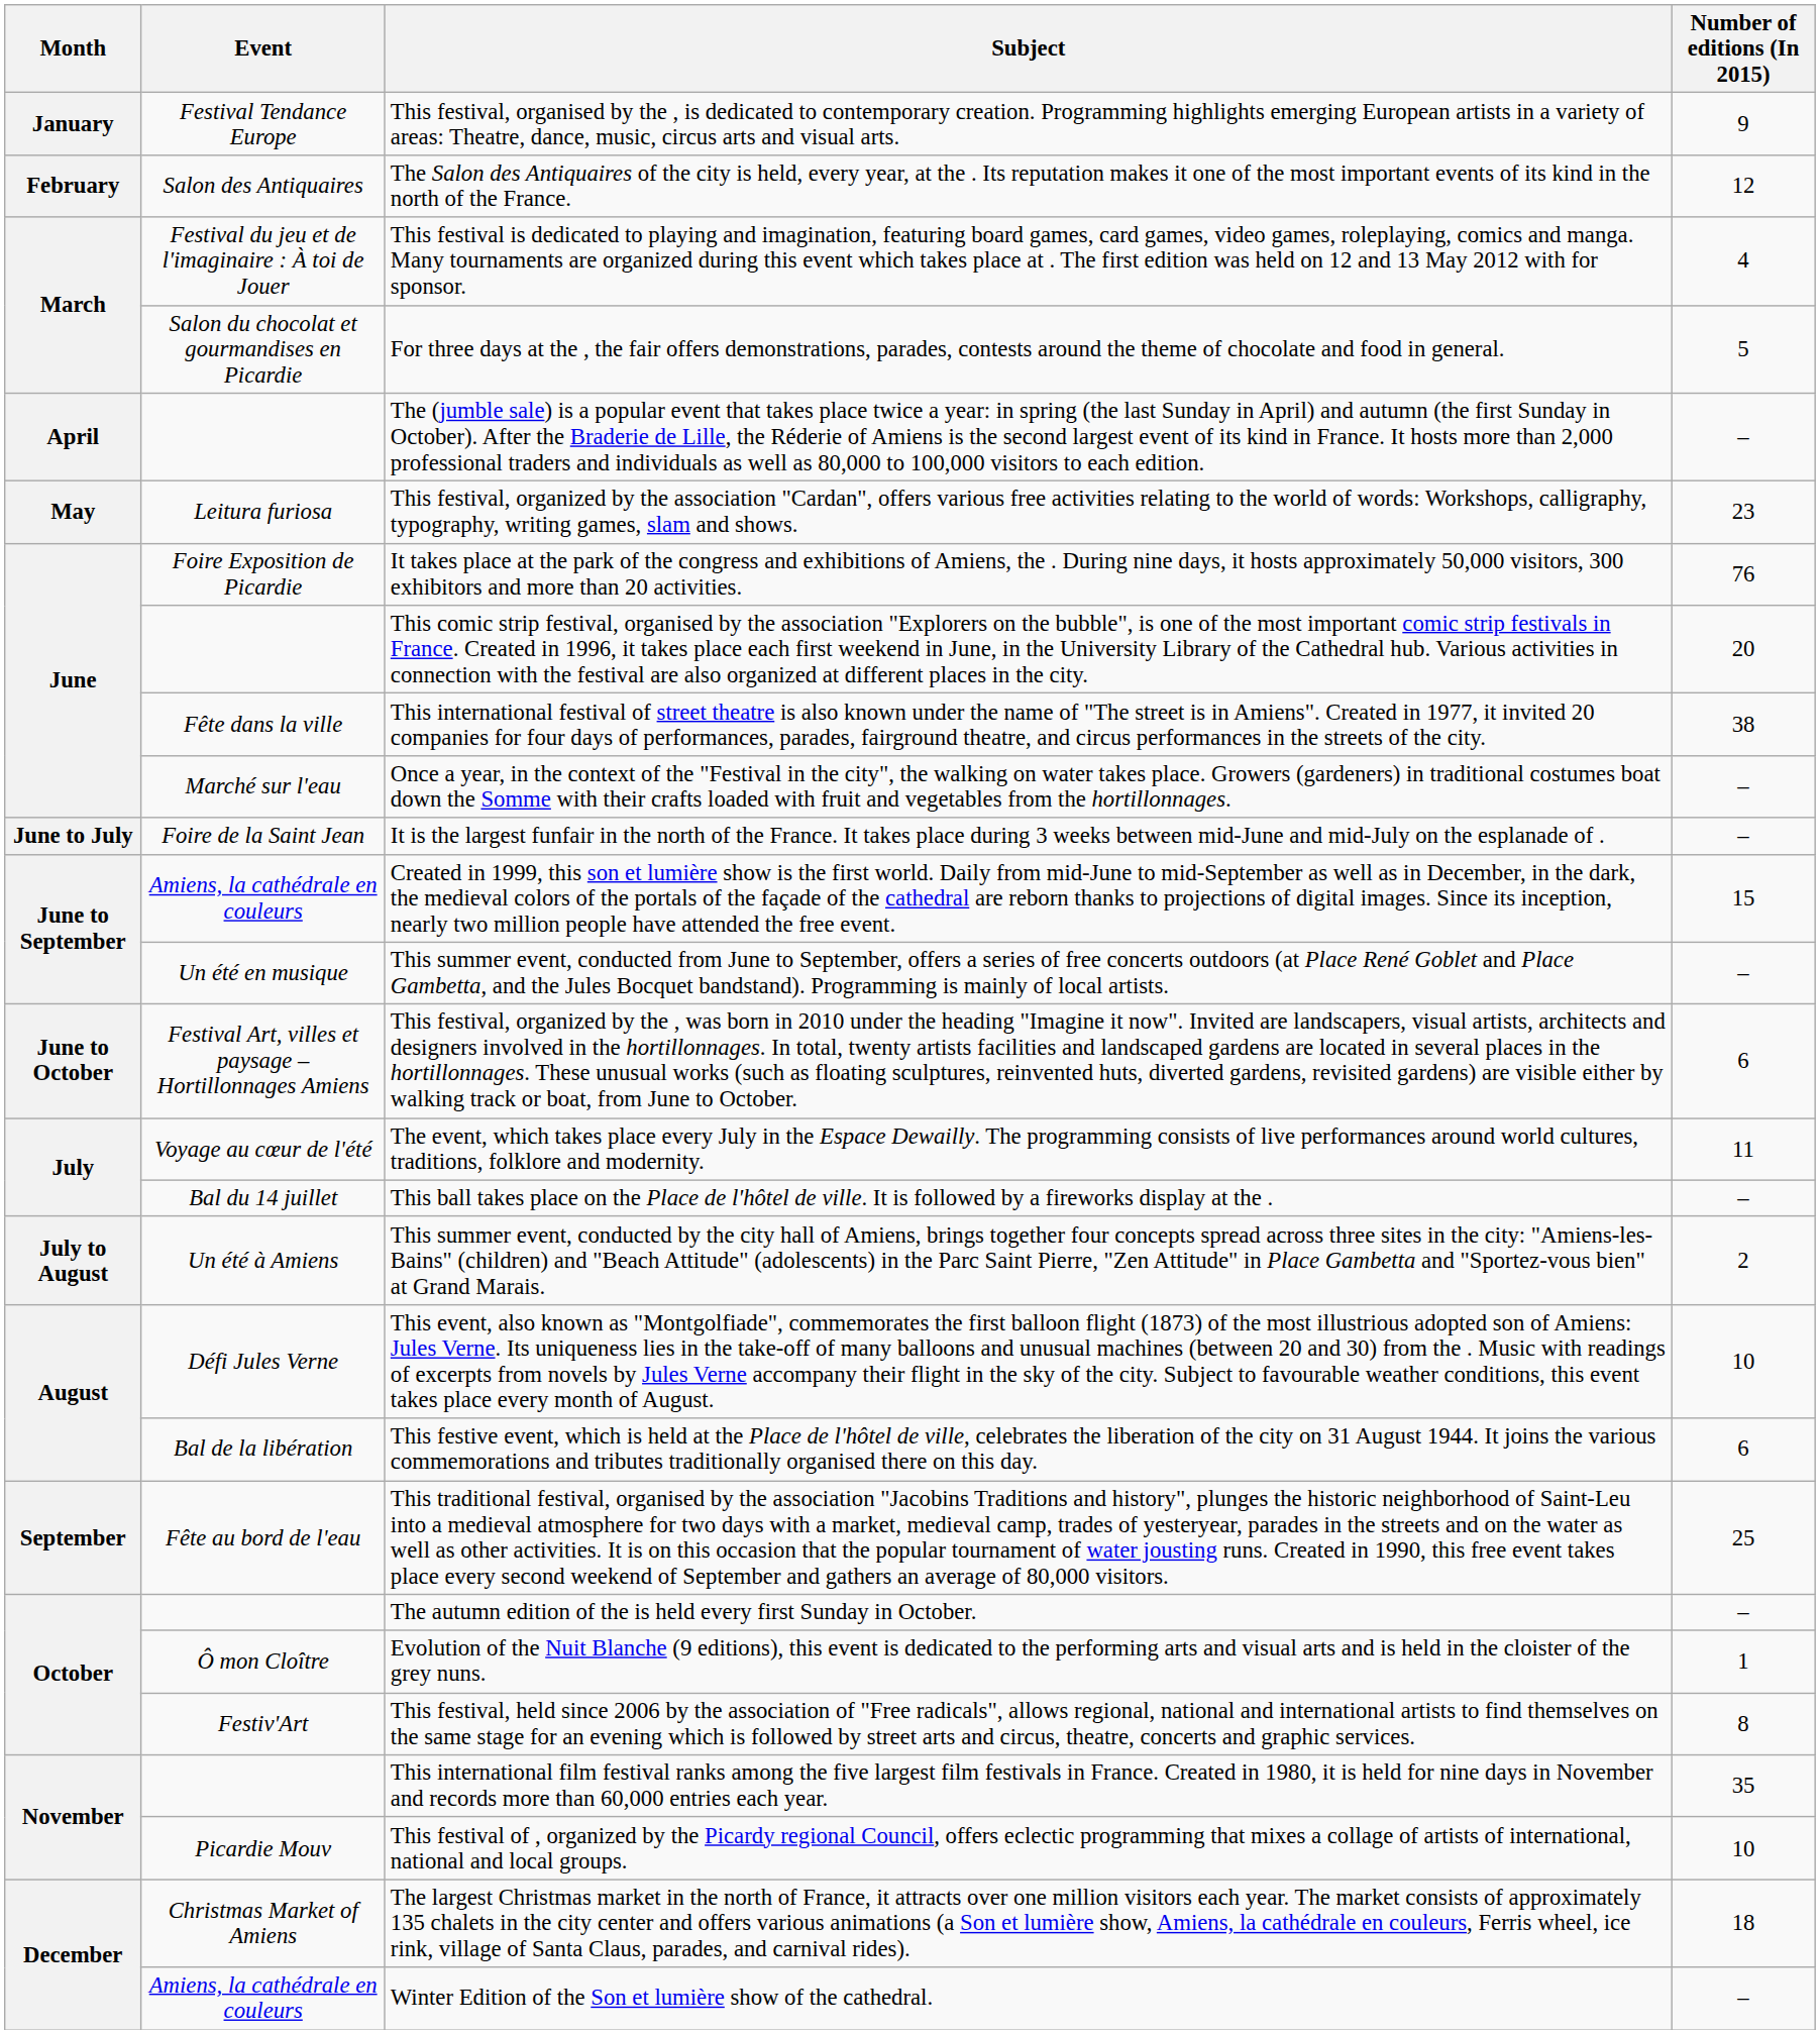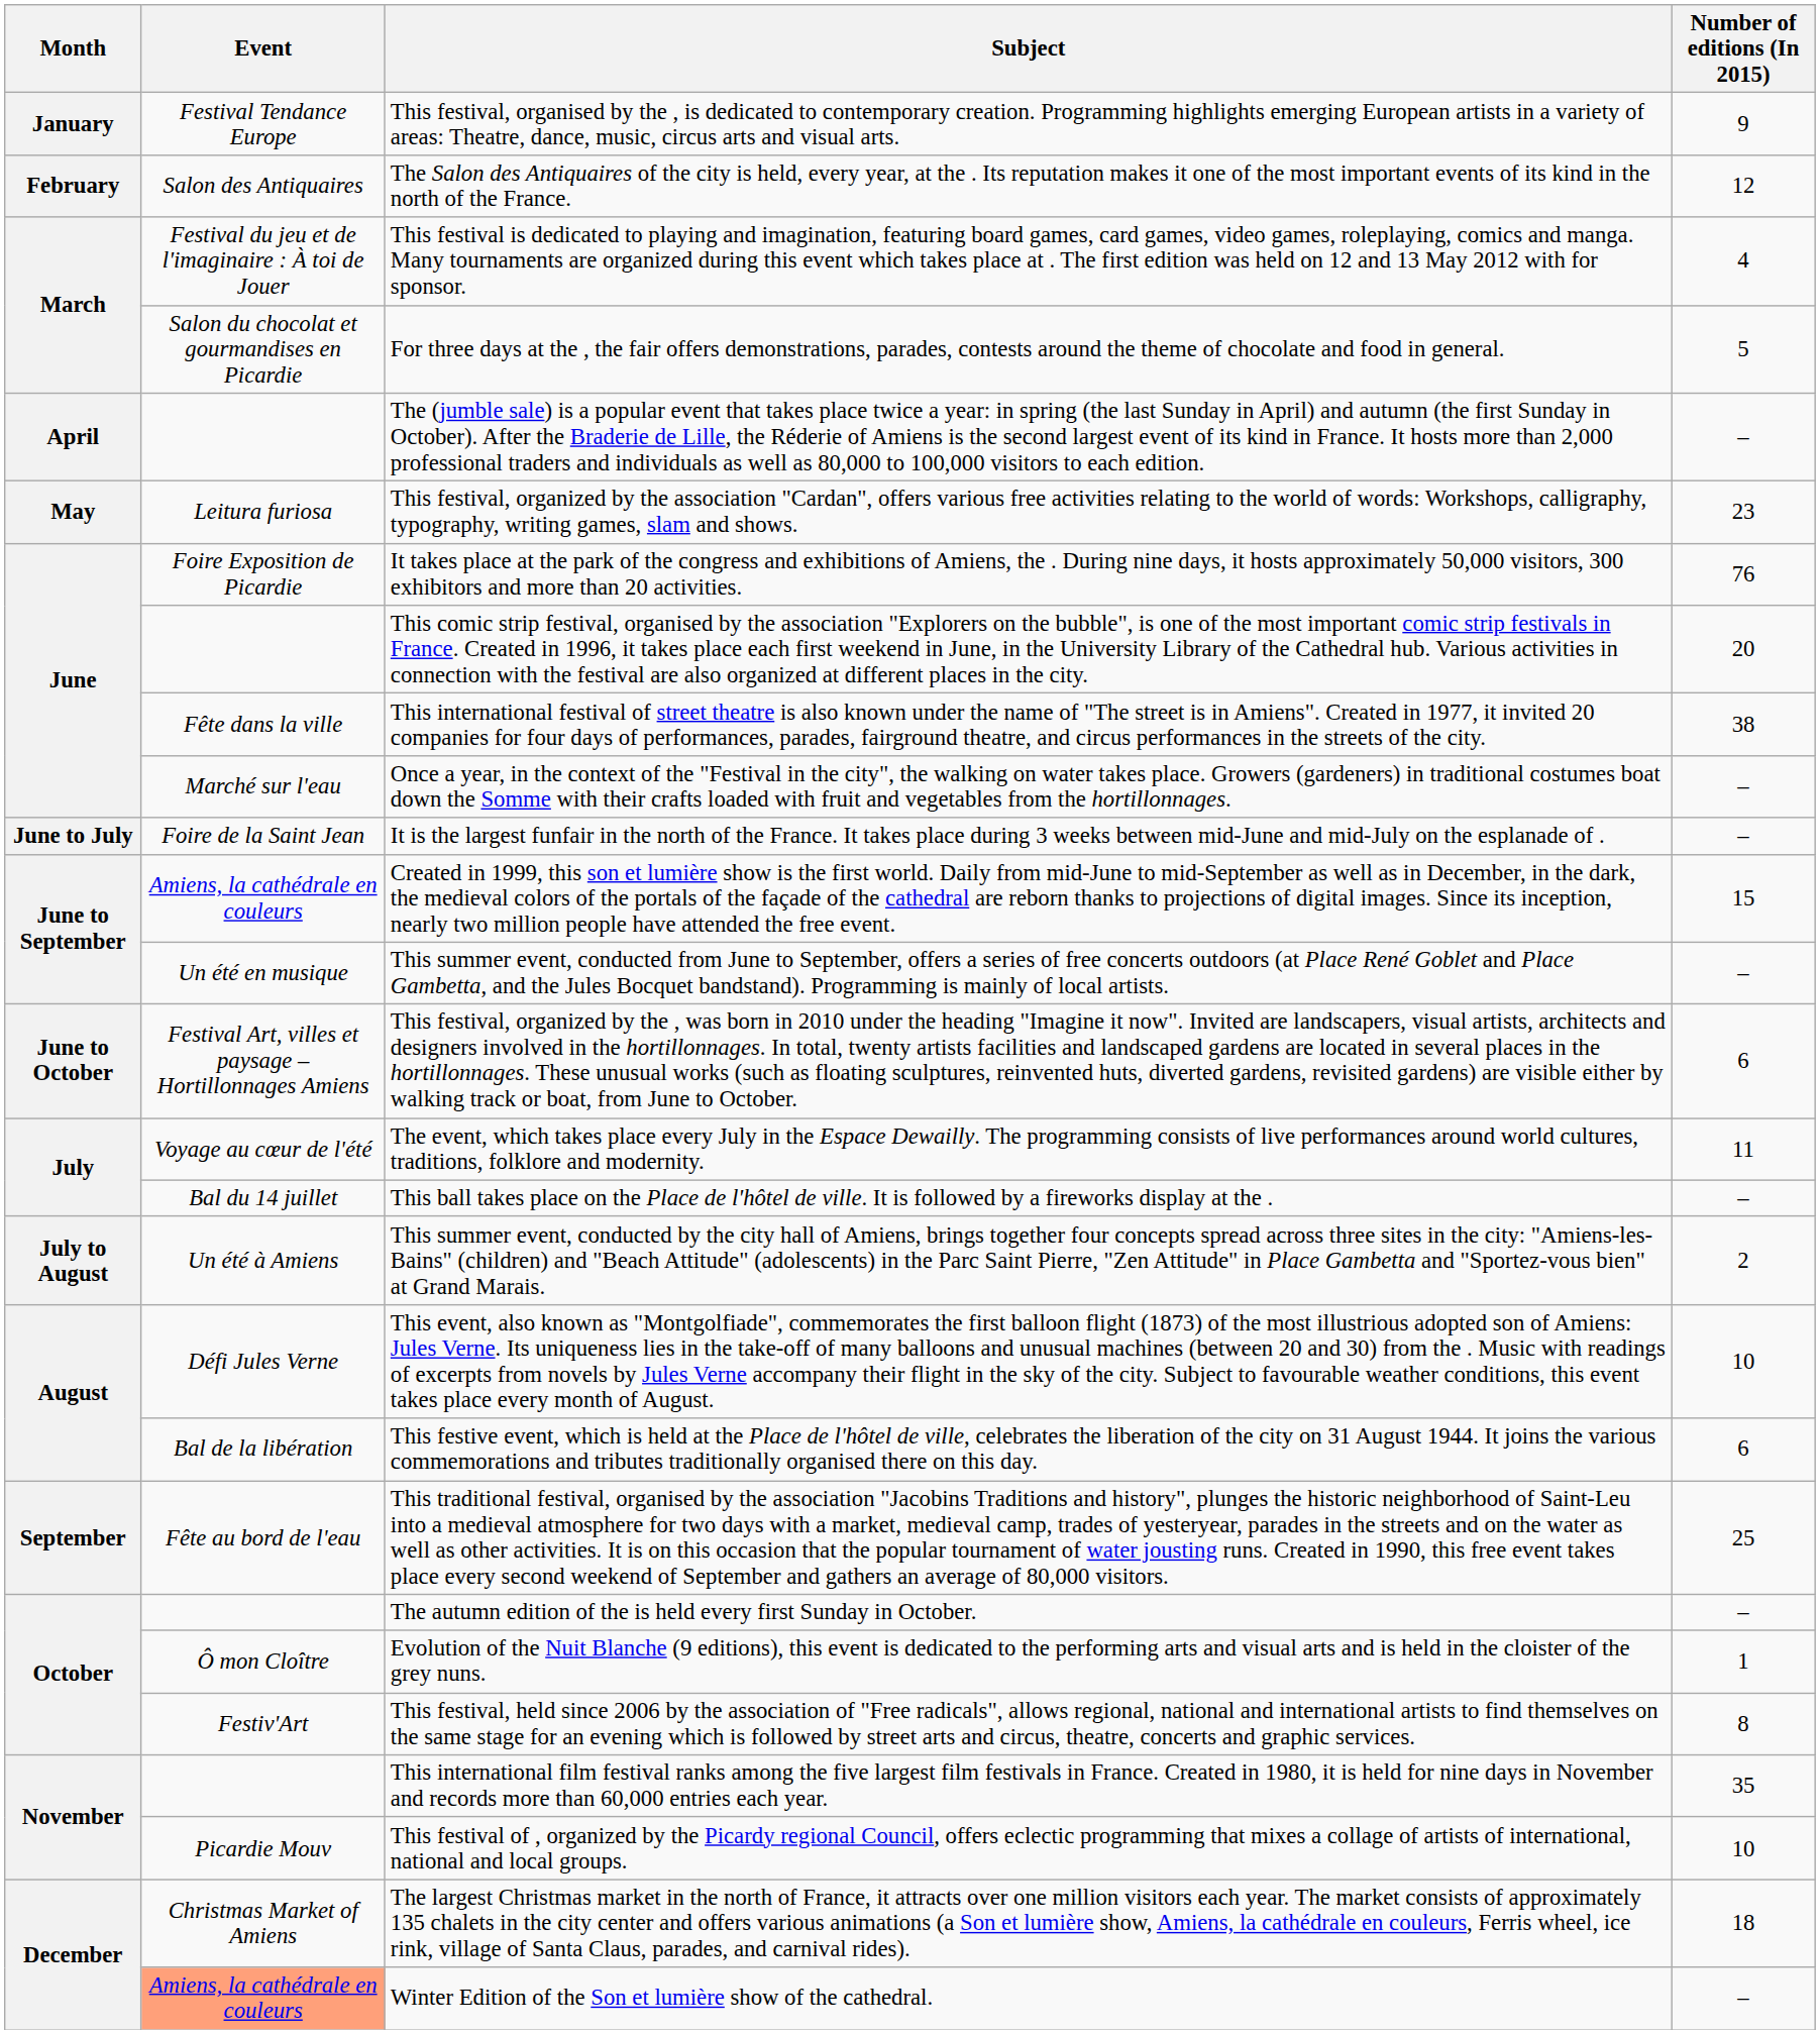 <table class="wikitable" style="text-align:left;margin:1em auto">
 <tr>
 <th>Month</th>
 <th>Event</th>
 <th>Subject</th>
 <th>Number of editions (In 2015)</th>
 </tr>
 <tr>
 <th>January</th>
 <td style="text-align:center;"><em>Festival Tendance Europe</em></td>
 <td>This festival, organised by the , is dedicated to contemporary creation. Programming highlights emerging European artists in a variety of areas: Theatre, dance, music, circus arts and visual arts.</td>
 <td style="text-align:center;">9</td>
 </tr>
 <tr>
 <th>February</th>
 <td style="text-align:center;"><em>Salon des Antiquaires</em></td>
 <td>The <em>Salon des Antiquaires</em> of the city is held, every year, at the . Its reputation makes it one of the most important events of its kind in the north of the France.</td>
 <td style="text-align:center;">12</td>
 </tr>
 <tr>
 <th rowspan="2">March</th>
 <td style="text-align:center;"><em>Festival du jeu et de l'imaginaire : À toi de Jouer</em></td>
 <td>This festival is dedicated to playing and imagination, featuring board games, card games, video games, roleplaying, comics and manga. Many tournaments are organized during this event which takes place at . The first edition was held on 12 and 13 May 2012 with  for sponsor.</td>
 <td style="text-align:center;">4</td>
 </tr>
 <tr>
 <td style="text-align:center;"><em>Salon du chocolat et gourmandises en Picardie</em></td>
 <td>For three days at the , the fair offers demonstrations, parades, contests around the theme of chocolate and food in general.</td>
 <td style="text-align:center;">5</td>
 </tr>
 <tr>
 <th>April</th>
 <td style="text-align:center;"></td>
 <td>The  (<a href='#'>jumble sale</a>) is a popular event that takes place twice a year: in spring (the last Sunday in April) and autumn (the first Sunday in October). After the <a href='#'>Braderie de Lille</a>, the Réderie of Amiens is the second largest event of its kind in France. It hosts more than 2,000 professional traders and individuals as well as 80,000 to 100,000 visitors to each edition.</td>
 <td style="text-align:center;">–</td>
 </tr>
 <tr>
 <th>May</th>
 <td style="text-align:center;"><em>Leitura furiosa</em></td>
 <td>This festival, organized by the association "Cardan", offers various free activities relating to the world of words: Workshops, calligraphy, typography, writing games, <a href='#'>slam</a> and shows.</td>
 <td style="text-align:center;">23</td>
 </tr>
 <tr>
 <th rowspan="4">June</th>
 <td style="text-align:center;"><em>Foire Exposition de Picardie</em></td>
 <td>It takes place at the park of the congress and exhibitions of Amiens, the . During nine days, it hosts approximately 50,000 visitors, 300 exhibitors and more than 20 activities.</td>
 <td style="text-align:center;">76</td>
 </tr>
 <tr>
 <td style="text-align:center;"></td>
 <td>This comic strip festival, organised by the association "Explorers on the bubble", is one of the most important <a href='#'>comic strip festivals in France</a>. Created in 1996, it takes place each first weekend in June, in the University Library of the Cathedral hub. Various activities in connection with the festival are also organized at different places in the city.</td>
 <td style="text-align:center;">20</td>
 </tr>
 <tr>
 <td style="text-align:center;"><em>Fête dans la ville</em></td>
 <td>This international festival of <a href='#'>street theatre</a> is also known under the name of "The street is in Amiens". Created in 1977, it invited 20 companies for four days of performances, parades, fairground theatre, and circus performances in the streets of the city.</td>
 <td style="text-align:center;">38</td>
 </tr>
 <tr>
 <td style="text-align:center;"><em>Marché sur l'eau</em></td>
 <td>Once a year, in the context of the "Festival in the city", the walking on water takes place. Growers (gardeners) in traditional costumes boat down the <a href='#'>Somme</a> with their crafts loaded with fruit and vegetables from the <em>hortillonnages</em>.</td>
 <td style="text-align:center;">–</td>
 </tr>
 <tr>
 <th>June to July</th>
 <td style="text-align:center;"><em>Foire de la Saint Jean</em></td>
 <td>It is the largest funfair in the north of the France. It takes place during 3 weeks between mid-June and mid-July on the esplanade of .</td>
 <td style="text-align:center;">–</td>
 </tr>
 <tr>
 <th rowspan="2">June to September</th>
 <td style="text-align:center;"><em><a href='#'>Amiens, la cathédrale en couleurs</a></em></td>
 <td>Created in 1999, this <a href='#'>son et lumière</a> show is the first world. Daily from mid-June to mid-September as well as in December, in the dark, the medieval colors of the portals of the façade of the <a href='#'>cathedral</a> are reborn thanks to projections of digital images. Since its inception, nearly two million people have attended the free event.</td>
 <td style="text-align:center;">15</td>
 </tr>
 <tr>
 <td style="text-align:center;"><em>Un été en musique</em></td>
 <td>This summer event, conducted from June to September, offers a series of free concerts outdoors (at <em>Place René Goblet</em> and <em>Place Gambetta</em>, and the Jules Bocquet bandstand). Programming is mainly of local artists.</td>
 <td style="text-align:center;">–</td>
 </tr>
 <tr>
 <th>June to October</th>
 <td style="text-align:center;"><em>Festival Art, villes et paysage – Hortillonnages Amiens</em></td>
 <td>This festival, organized by the , was born in 2010 under the heading "Imagine it now". Invited are landscapers, visual artists, architects and designers involved in the <em>hortillonnages</em>. In total, twenty artists facilities and landscaped gardens are located in several places in the <em>hortillonnages</em>. These unusual works (such as floating sculptures, reinvented huts, diverted gardens, revisited gardens) are visible either by walking track or boat, from June to October.</td>
 <td style="text-align:center;">6</td>
 </tr>
 <tr>
 <th rowspan="2">July</th>
 <td style="text-align:center;"><em>Voyage au cœur de l'été</em></td>
 <td>The event, which takes place every July in the <em>Espace Dewailly</em>. The programming consists of live performances around world cultures, traditions, folklore and modernity.</td>
 <td style="text-align:center;">11</td>
 </tr>
 <tr>
 <td style="text-align:center;"><em>Bal du 14 juillet</em></td>
 <td>This ball takes place on the <em>Place de l'hôtel de ville</em>. It is followed by a fireworks display at the .</td>
 <td style="text-align:center;">–</td>
 </tr>
 <tr>
 <th>July to August</th>
 <td style="text-align:center;"><em>Un été à Amiens</em></td>
 <td>This summer event, conducted by the city hall of Amiens, brings together four concepts spread across three sites in the city: "Amiens-les-Bains" (children) and "Beach Attitude" (adolescents) in the Parc Saint Pierre, "Zen Attitude" in <em>Place Gambetta</em> and "Sportez-vous bien" at Grand Marais.</td>
 <td style="text-align:center;">2</td>
 </tr>
 <tr>
 <th rowspan="2">August</th>
 <td style="text-align:center;"><em>Défi Jules Verne</em></td>
 <td>This event, also known as "Montgolfiade", commemorates the first balloon flight (1873) of the most illustrious adopted son of Amiens: <a href='#'>Jules Verne</a>. Its uniqueness lies in the take-off of many balloons and unusual machines (between 20 and 30) from the . Music with readings of excerpts from novels by <a href='#'>Jules Verne</a> accompany their flight in the sky of the city. Subject to favourable weather conditions, this event takes place every month of August.</td>
 <td style="text-align:center;">10</td>
 </tr>
 <tr>
 <td style="text-align:center;"><em>Bal de la libération</em></td>
 <td>This festive event, which is held at the <em>Place de l'hôtel de ville</em>, celebrates the liberation of the city on 31 August 1944. It joins the various commemorations and tributes traditionally organised there on this day.</td>
 <td style="text-align:center;">6</td>
 </tr>
 <tr>
 <th>September</th>
 <td style="text-align:center;"><em>Fête au bord de l'eau</em></td>
 <td>This traditional festival, organised by the association "Jacobins Traditions and history", plunges the historic neighborhood of Saint-Leu into a medieval atmosphere for two days with a market, medieval camp, trades of yesteryear, parades in the streets and on the water as well as other activities. It is on this occasion that the popular tournament of <a href='#'>water jousting</a> runs. Created in 1990, this free event takes place every second weekend of September and gathers an average of 80,000 visitors.</td>
 <td style="text-align:center;">25</td>
 </tr>
 <tr>
 <th rowspan="3">October</th>
 <td style="text-align:center;"></td>
 <td>The autumn edition of the  is held every first Sunday in October.</td>
 <td style="text-align:center;">–</td>
 </tr>
 <tr>
 <td style="text-align:center;"><em>Ô mon Cloître</em></td>
 <td>Evolution of the <a href='#'>Nuit Blanche</a> (9 editions), this event is dedicated to the performing arts and visual arts and is held in the cloister of the grey nuns.</td>
 <td style="text-align:center;">1</td>
 </tr>
 <tr>
 <td style="text-align:center;"><em>Festiv'Art</em></td>
 <td>This festival, held since 2006 by the association of "Free radicals", allows regional, national and international artists to find themselves on the same stage for an evening which is followed by street arts and circus, theatre, concerts and graphic services.</td>
 <td style="text-align:center;">8</td>
 </tr>
 <tr>
 <th rowspan="2">November</th>
 <td style="text-align:center;"><em></em></td>
 <td>This international film festival ranks among the five largest film festivals in France. Created in 1980, it is held for nine days in November and records more than 60,000 entries each year.</td>
 <td style="text-align:center;">35</td>
 </tr>
 <tr>
 <td style="text-align:center;"><em>Picardie Mouv</em></td>
 <td>This festival of , organized by the <a href='#'>Picardy regional Council</a>, offers eclectic programming that mixes a collage of artists of international, national and local groups.</td>
 <td style="text-align:center;">10</td>
 </tr>
 <tr>
 <th rowspan="2">December</th>
 <td style="text-align:center;"><em>Christmas Market of Amiens</em></td>
 <td>The largest Christmas market in the north of France, it attracts over one million visitors each year. The market consists of approximately 135 chalets in the city center and offers various animations (a <a href='#'>Son et lumière</a> show, <a href='#'>Amiens, la cathédrale en couleurs</a>, Ferris wheel, ice rink, village of Santa Claus, parades, and carnival rides).</td>
 <td style="text-align:center;">18</td>
 </tr>
 <tr>
-<td style="text-align:center;"><em><a href='#'>Amiens, la cathédrale en couleurs</a></em></td>
+<td style="background: lightsalmon; text-align:center;"><em><a href='#'>Amiens, la cathédrale en couleurs</a></em></td>
 <td>Winter Edition of the <a href='#'>Son et lumière</a> show of the cathedral.</td>
 <td style="text-align:center;">–</td>
 </tr>
 </table>
